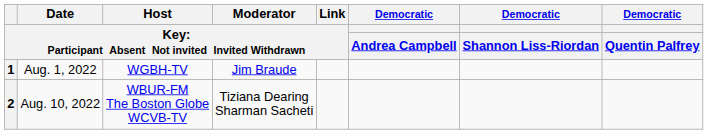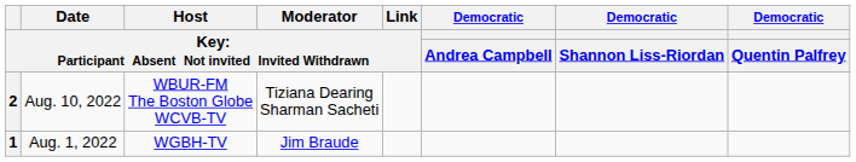 <table class="wikitable" style="text-align:center;">
 <tr>
 <th scope="col"></th>
 <th scope="col">Date</th>
 <th scope="col">Host</th>
 <th scope="col">Moderator</th>
 <th scope="col">Link</th>
 <th scope="col"><small><a href='#'>Democratic</a></small></th>
 <th scope="col"><small><a href='#'>Democratic</a></small></th>
 <th scope="col"><small><a href='#'>Democratic</a></small></th>
 </tr>
 <tr>
 <th colspan="5" rowspan="2">Key:<br> <small>Participant </small>  <small>Absent </small>  <small>Not invited </small>  <small>Invited  Withdrawn</small></th>
 <th scope="col" style="background:"></th>
 <th scope="col" style="background:"></th>
 <th scope="col" style="background:"></th>
 </tr>
 <tr>
 <th scope="col"><a href='#'>Andrea Campbell</a></th>
 <th scope="col"><a href='#'>Shannon Liss-Riordan</a></th>
 <th scope="col"><a href='#'>Quentin Palfrey</a></th>
 </tr>
 <tr>
+<th>2</th>
+<td style="white-space:nowrap;">Aug. 10, 2022</td>
+<td style="white-space:nowrap;"><a href='#'>WBUR-FM</a><br><a href='#'>The Boston Globe</a><br><a href='#'>WCVB-TV</a></td>
+<td style="white-space:nowrap;">Tiziana Dearing<br>Sharman Sacheti</td>
+<td style="white-space:nowrap;"></td>
+<td></td>
+<td></td>
+<td></td>
+</tr>
+<tr>
 <th>1</th>
 <td style="white-space:nowrap;">Aug. 1, 2022</td>
 <td style="white-space:nowrap;"><a href='#'>WGBH-TV</a></td>
 <td style="white-space:nowrap;"><a href='#'>Jim Braude</a></td>
 <td style="white-space:nowrap;"></td>
 <td></td>
 <td></td>
 <td></td>
 </tr>
-<tr>
-<th>2</th>
-<td style="white-space:nowrap;">Aug. 10, 2022</td>
-<td style="white-space:nowrap;"><a href='#'>WBUR-FM</a><br><a href='#'>The Boston Globe</a><br><a href='#'>WCVB-TV</a></td>
-<td style="white-space:nowrap;">Tiziana Dearing<br>Sharman Sacheti</td>
-<td style="white-space:nowrap;"></td>
-<td></td>
-<td></td>
-<td></td>
-</tr>
 </table>
